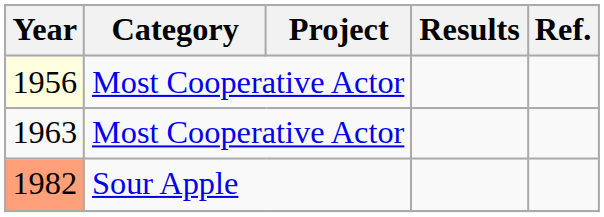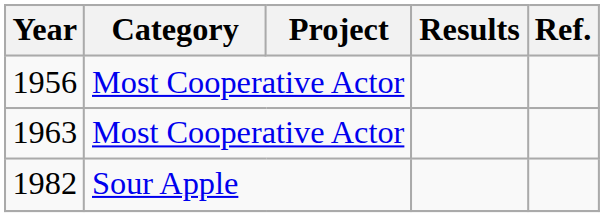 <table class="wikitable sortable">
 <tr>
 <th>Year</th>
 <th>Category</th>
 <th>Project</th>
 <th>Results</th>
 <th>Ref.</th>
 </tr>
 <tr>
-<td style="background: lightyellow;">1956</td>
+<td>1956</td>
 <td colspan=2><a href='#'>Most Cooperative Actor</a></td>
 <td></td>
 <td></td>
 </tr>
 <tr>
 <td>1963</td>
 <td colspan=2><a href='#'>Most Cooperative Actor</a></td>
 <td></td>
 <td></td>
 </tr>
 <tr>
-<td style="background: lightsalmon;">1982</td>
+<td>1982</td>
 <td colspan=2><a href='#'>Sour Apple</a></td>
 <td></td>
 <td></td>
 </tr>
 <tr>
 </tr>
 </table>
